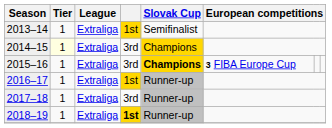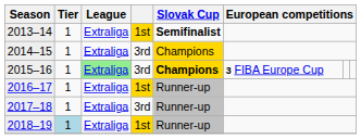 <table class="wikitable"  style="font-size:88%;">
 <tr bgcolor=>
 <th>Season</th>
 <th>Tier</th>
 <th>League</th>
 <th></th>
 <th><a href='#'>Slovak Cup</a></th>
 <th colspan=3>European competitions</th>
 </tr>
 <tr>
 <td style="background:#efefef;">2013–14</td>
 <td align="center">1</td>
 <td><a href='#'>Extraliga</a></td>
 <td align="center" bgcolor=gold>1st</td>
-<td>Semifinalist</td>
+<td><strong>Semifinalist</strong></td>
 <td colspan=3></td>
 </tr>
 <tr>
 <td style="background:#efefef;">2014–15</td>
-<td align="center" style="background: lightyellow;">1</td>
+<td align="center">1</td>
 <td><a href='#'>Extraliga</a></td>
 <td align="center">3rd</td>
 <td bgcolor=gold>Champions</td>
 <td colspan=3></td>
 </tr>
 <tr>
 <td style="background:#efefef;">2015–16</td>
 <td align="center">1</td>
-<td><a href='#'>Extraliga</a></td>
+<td style="background: lightgreen;"><a href='#'>Extraliga</a></td>
 <td align="center">3rd</td>
 <td bgcolor=gold><strong>Champions</strong></td>
 <td><small><strong>3</strong></small> <a href='#'>FIBA Europe Cup</a></td>
 <td></td>
 <td></td>
 </tr>
 <tr>
 <td style="background:#efefef;"><a href='#'>2016–17</a></td>
 <td align="center">1</td>
 <td><a href='#'>Extraliga</a></td>
 <td align="center" bgcolor=gold>1st</td>
 <td bgcolor=silver>Runner-up</td>
 <td colspan=3></td>
 </tr>
 <tr>
 <td style="background:#efefef;"><a href='#'>2017–18</a></td>
 <td align="center">1</td>
 <td><a href='#'>Extraliga</a></td>
 <td align="center">3rd</td>
 <td bgcolor=silver>Runner-up</td>
 <td colspan=3></td>
 </tr>
 <tr>
 <td style="background:#efefef;"><a href='#'>2018–19</a></td>
-<td align="center">1</td>
+<td align="center" style="background: lightblue;">1</td>
 <td><a href='#'>Extraliga</a></td>
-<td align="center" bgcolor=gold><strong>1st</strong></td>
+<td align="center" bgcolor=gold>1st</td>
 <td bgcolor=silver>Runner-up</td>
 <td colspan=3></td>
 </tr>
 <tr>
 </tr>
 </table>
